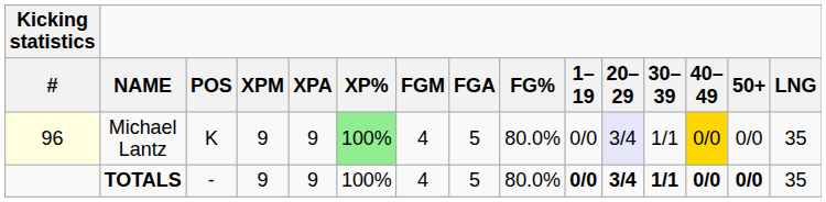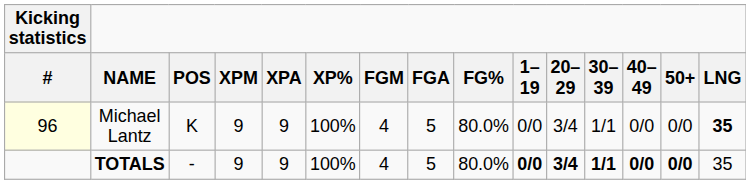 <table style="width:60%; text-align:center;" class="wikitable collapsible collapsed">
 <tr>
 <th style="text-align:center; ">Kicking statistics</th>
 </tr>
 <tr>
 <th>#</th>
 <th>NAME</th>
 <th>POS</th>
 <th>XPM</th>
 <th>XPA</th>
 <th>XP%</th>
 <th>FGM</th>
 <th>FGA</th>
 <th>FG%</th>
 <th>1–19</th>
 <th>20–29</th>
 <th>30–39</th>
 <th>40–49</th>
 <th>50+</th>
 <th>LNG</th>
 </tr>
 <tr>
 <td style="background: lightyellow;">96</td>
 <td>Michael Lantz</td>
 <td>K</td>
 <td>9</td>
 <td>9</td>
-<td style="background: lightgreen;">100%</td>
+<td>100%</td>
 <td>4</td>
 <td>5</td>
 <td>80.0%</td>
 <td>0/0</td>
-<td style="background: lavender;">3/4</td>
+<td>3/4</td>
 <td>1/1</td>
-<td style="background: gold;">0/0</td>
 <td>0/0</td>
-<td>35</td>
+<td>0/0</td>
+<td><strong>35</strong></td>
 </tr>
 <tr>
 <td></td>
 <td><strong>TOTALS</strong></td>
 <td>-</td>
 <td>9</td>
 <td>9</td>
 <td>100%</td>
 <td>4</td>
 <td>5</td>
 <td>80.0%</td>
 <td><strong>0/0</strong></td>
 <td><strong>3/4</strong></td>
 <td><strong>1/1</strong></td>
 <td><strong>0/0</strong></td>
 <td><strong>0/0</strong></td>
 <td>35</td>
 </tr>
 </table>
